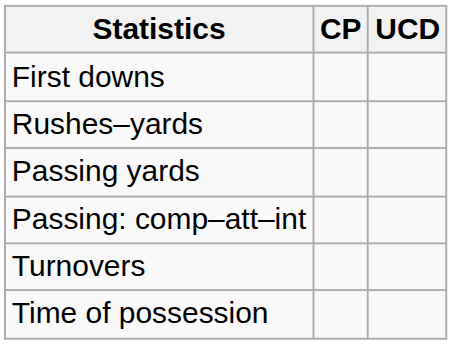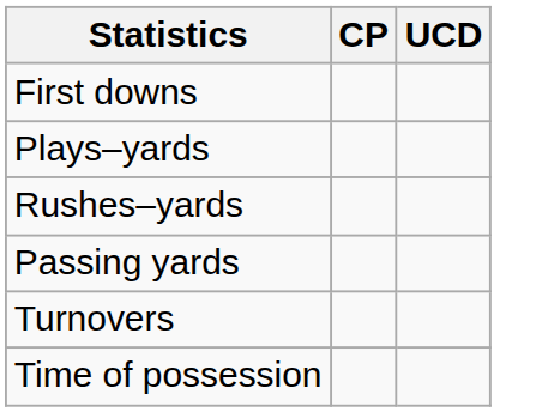 <table class="wikitable" style="float:left">
 <tr>
 <th>Statistics</th>
 <th>CP</th>
 <th>UCD</th>
 </tr>
 <tr>
 <td>First downs</td>
+<td></td>
+<td></td>
+</tr>
+<tr>
+<td>Plays–yards</td>
 <td></td>
 <td></td>
 </tr>
 <tr>
 <td>Rushes–yards</td>
 <td></td>
 <td></td>
 </tr>
 <tr>
 <td>Passing yards</td>
 <td></td>
 <td></td>
 </tr>
 <tr>
-<td>Passing: comp–att–int</td>
-<td></td>
-<td></td>
-</tr>
-<tr>
 <td>Turnovers</td>
 <td></td>
 <td></td>
 </tr>
 <tr>
 <td>Time of possession</td>
 <td></td>
 <td></td>
 </tr>
 </table>
